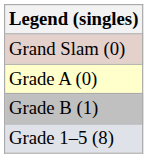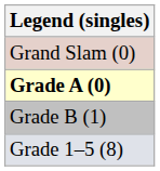 <table class=wikitable>
 <tr>
 <th>Legend (singles)</th>
 </tr>
 <tr bgcolor=e5d1cb>
 <td>Grand Slam (0)</td>
 </tr>
 <tr bgcolor=ffffcc>
-<td>Grade A (0)</td>
+<td><strong>Grade A (0)</strong></td>
 </tr>
 <tr bgcolor=silver>
 <td>Grade B (1)</td>
 </tr>
 <tr bgcolor=dfe2e9>
 <td>Grade 1–5 (8)</td>
 </tr>
 </table>
